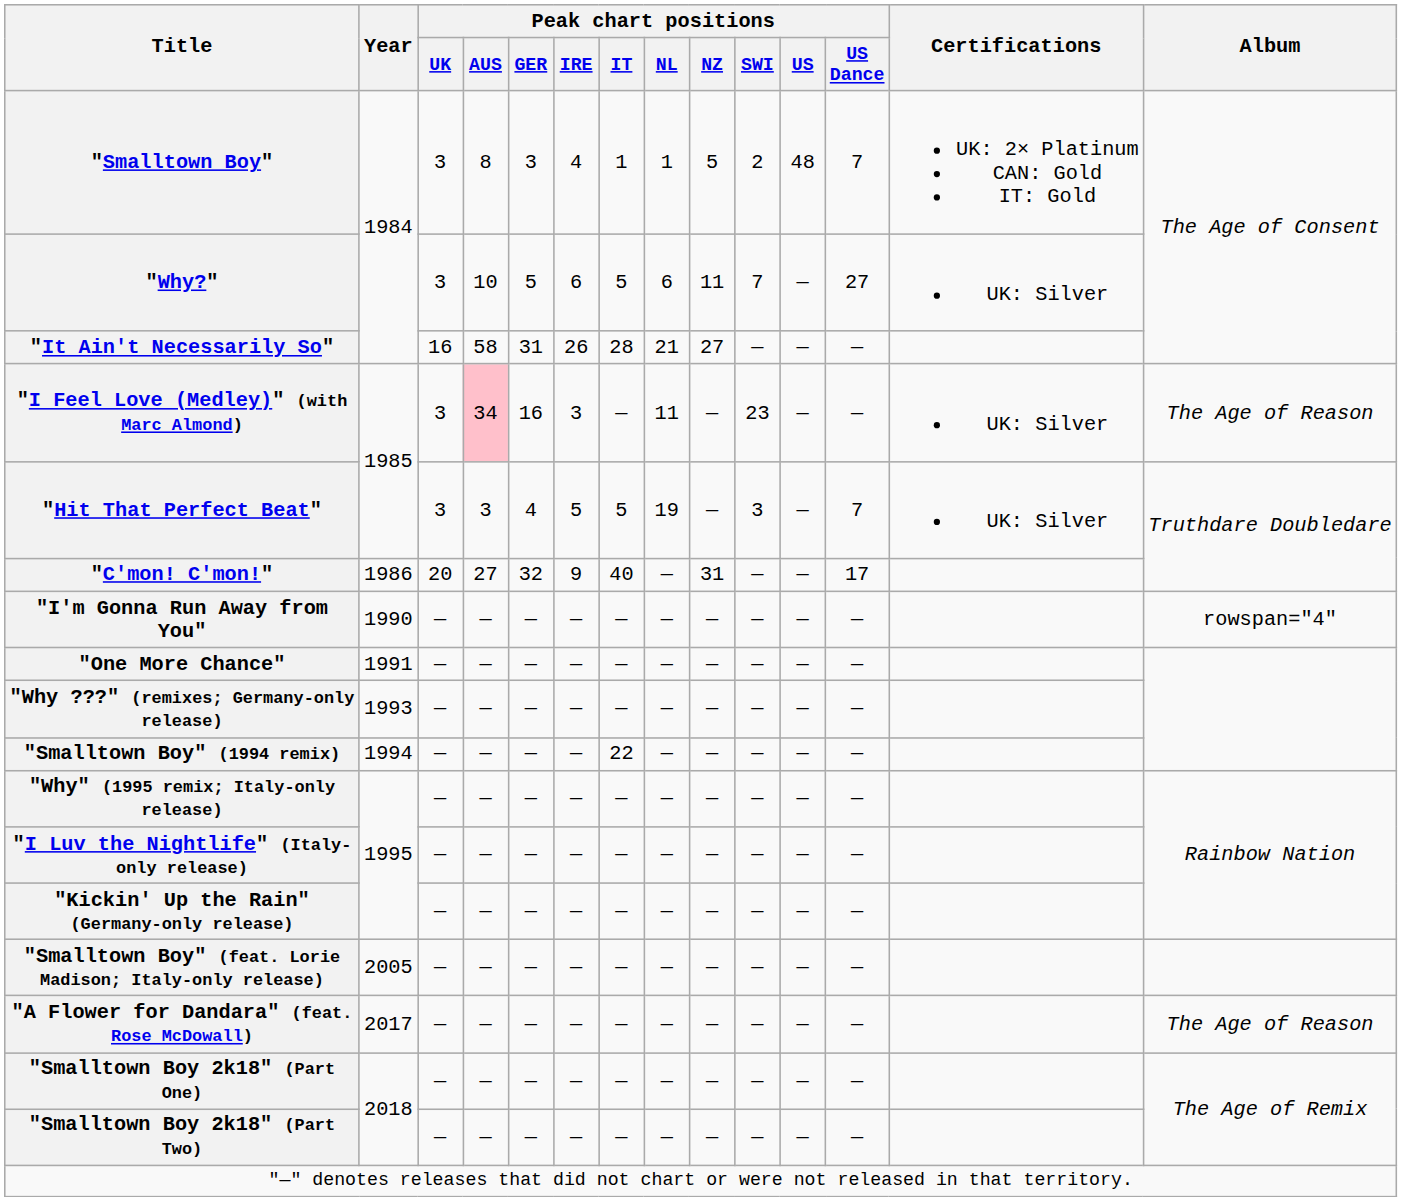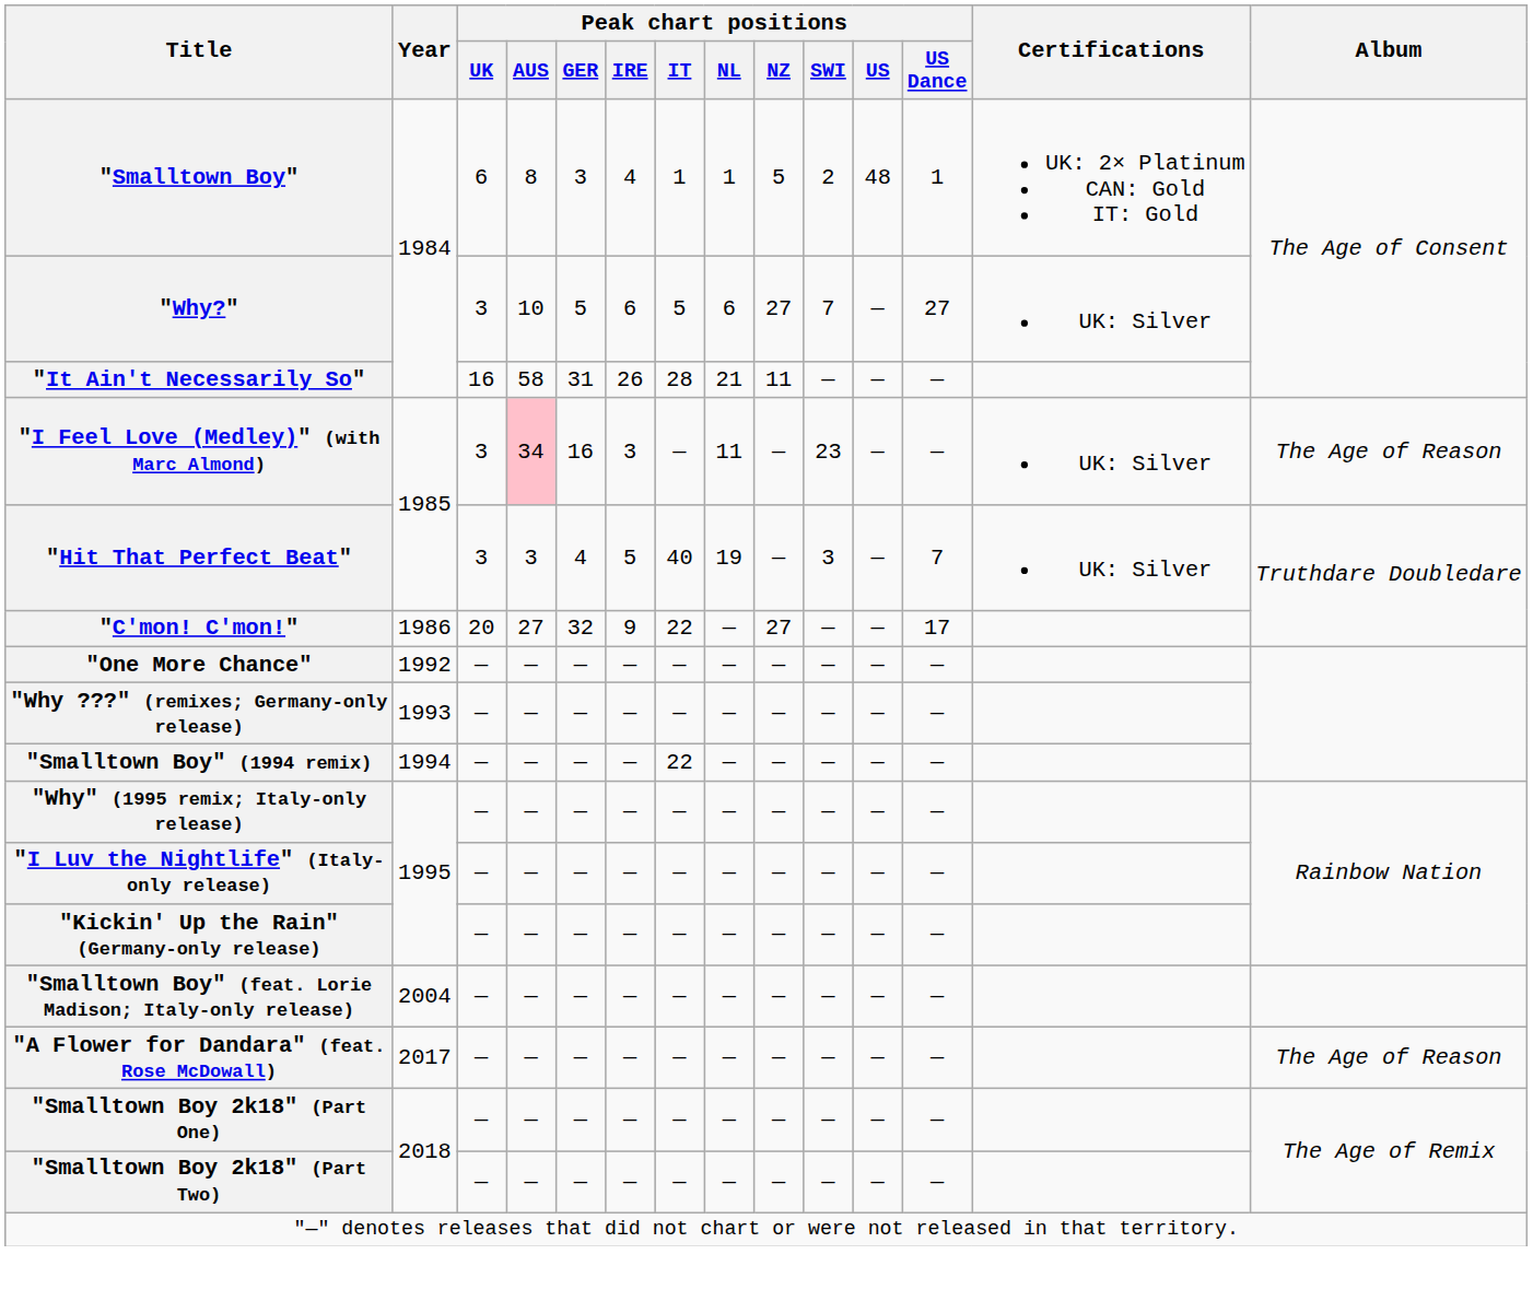 <table class="wikitable plainrowheaders" style="text-align:center;">
 <tr>
 <th rowspan="2" scope="col" style="width:17em;">Title</th>
 <th rowspan="2" scope="col" style="width:2em;">Year</th>
 <th colspan="10">Peak chart positions</th>
 <th rowspan="2">Certifications</th>
 <th rowspan="2">Album</th>
 </tr>
 <tr>
 <th scope="col" style="width:2em;font-size:90%;"><a href='#'>UK</a><br></th>
 <th scope="col" style="width:2em;font-size:90%;"><a href='#'>AUS</a><br></th>
 <th scope="col" style="width:2em;font-size:90%;"><a href='#'>GER</a><br></th>
 <th scope="col" style="width:2em;font-size:90%;"><a href='#'>IRE</a><br></th>
 <th scope="col" style="width:2em;font-size:90%;"><a href='#'>IT</a><br></th>
 <th scope="col" style="width:2em;font-size:90%;"><a href='#'>NL</a><br></th>
 <th scope="col" style="width:2em;font-size:90%;"><a href='#'>NZ</a><br></th>
 <th scope="col" style="width:2em;font-size:90%;"><a href='#'>SWI</a><br></th>
 <th scope="col" style="width:2em;font-size:90%;"><a href='#'>US</a><br></th>
 <th scope="col" style="width:2em;font-size:90%;"><a href='#'>US Dance</a><br></th>
 </tr>
 <tr>
 <th scope="row">"<a href='#'>Smalltown Boy</a>"</th>
 <td rowspan="3">1984</td>
-<td>3</td>
+<td>6</td>
 <td>8</td>
 <td>3</td>
 <td>4</td>
 <td>1</td>
 <td>1</td>
 <td>5</td>
 <td>2</td>
 <td>48</td>
-<td>7</td>
+<td>1</td>
 <td><br><ul><li>UK: 2× Platinum</li><li>CAN: Gold</li><li>IT: Gold</li></ul></td>
 <td rowspan="3"><em>The Age of Consent</em></td>
 </tr>
 <tr>
 <th scope="row">"<a href='#'>Why?</a>"</th>
 <td>3</td>
 <td>10</td>
 <td>5</td>
 <td>6</td>
 <td>5</td>
 <td>6</td>
-<td>11</td>
+<td>27</td>
 <td>7</td>
 <td>—</td>
 <td>27</td>
 <td><br><ul><li>UK: Silver</li></ul></td>
 </tr>
 <tr>
 <th scope="row">"<a href='#'>It Ain't Necessarily So</a>"</th>
 <td>16</td>
 <td>58</td>
 <td>31</td>
 <td>26</td>
 <td>28</td>
 <td>21</td>
-<td>27</td>
+<td>11</td>
 <td>—</td>
 <td>—</td>
 <td>—</td>
 <td></td>
 </tr>
 <tr>
 <th scope="row">"<a href='#'>I Feel Love (Medley)</a>" <small>(with <a href='#'>Marc Almond</a>)</small></th>
 <td rowspan="2">1985</td>
 <td>3</td>
 <td style="background: pink;">34</td>
 <td>16</td>
 <td>3</td>
 <td>—</td>
 <td>11</td>
 <td>—</td>
 <td>23</td>
 <td>—</td>
 <td>—</td>
 <td><br><ul><li>UK: Silver</li></ul></td>
 <td><em>The Age of Reason</em></td>
 </tr>
 <tr>
 <th scope="row">"<a href='#'>Hit That Perfect Beat</a>"</th>
 <td>3</td>
 <td>3</td>
 <td>4</td>
 <td>5</td>
-<td>5</td>
+<td>40</td>
 <td>19</td>
 <td>—</td>
 <td>3</td>
 <td>—</td>
 <td>7</td>
 <td><br><ul><li>UK: Silver</li></ul></td>
 <td rowspan="2"><em>Truthdare Doubledare</em></td>
 </tr>
 <tr>
 <th scope="row">"<a href='#'>C'mon! C'mon!</a>"</th>
 <td>1986</td>
 <td>20</td>
 <td>27</td>
 <td>32</td>
 <td>9</td>
-<td>40</td>
+<td>22</td>
 <td>—</td>
-<td>31</td>
+<td>27</td>
 <td>—</td>
 <td>—</td>
 <td>17</td>
 <td></td>
 </tr>
 <tr>
-<th scope="row">"I'm Gonna Run Away from You"</th>
-<td>1990</td>
-<td>—</td>
-<td>—</td>
-<td>—</td>
-<td>—</td>
-<td>—</td>
-<td>—</td>
-<td>—</td>
-<td>—</td>
-<td>—</td>
-<td>—</td>
-<td></td>
-<td>rowspan="4" </td>
-</tr>
-<tr>
 <th scope="row">"One More Chance"</th>
-<td>1991</td>
+<td>1992</td>
 <td>—</td>
 <td>—</td>
 <td>—</td>
 <td>—</td>
 <td>—</td>
 <td>—</td>
 <td>—</td>
 <td>—</td>
 <td>—</td>
 <td>—</td>
 <td></td>
 </tr>
 <tr>
 <th scope="row">"Why ???" <small>(remixes; Germany-only release)</small></th>
 <td>1993</td>
 <td>—</td>
 <td>—</td>
 <td>—</td>
 <td>—</td>
 <td>—</td>
 <td>—</td>
 <td>—</td>
 <td>—</td>
 <td>—</td>
 <td>—</td>
 <td></td>
 </tr>
 <tr>
 <th scope="row">"Smalltown Boy" <small>(1994 remix)</small></th>
 <td>1994</td>
 <td>—</td>
 <td>—</td>
 <td>—</td>
 <td>—</td>
 <td>22</td>
 <td>—</td>
 <td>—</td>
 <td>—</td>
 <td>—</td>
 <td>—</td>
 <td></td>
 </tr>
 <tr>
 <th scope="row">"Why" <small>(1995 remix; Italy-only release)</small></th>
 <td rowspan="3">1995</td>
 <td>—</td>
 <td>—</td>
 <td>—</td>
 <td>—</td>
 <td>—</td>
 <td>—</td>
 <td>—</td>
 <td>—</td>
 <td>—</td>
 <td>—</td>
 <td></td>
 <td rowspan="3"><em>Rainbow Nation</em></td>
 </tr>
 <tr>
 <th scope="row">"<a href='#'>I Luv the Nightlife</a>" <small>(Italy-only release)</small></th>
 <td>—</td>
 <td>—</td>
 <td>—</td>
 <td>—</td>
 <td>—</td>
 <td>—</td>
 <td>—</td>
 <td>—</td>
 <td>—</td>
 <td>—</td>
 <td></td>
 </tr>
 <tr>
 <th scope="row">"Kickin' Up the Rain" <small>(Germany-only release)</small></th>
 <td>—</td>
 <td>—</td>
 <td>—</td>
 <td>—</td>
 <td>—</td>
 <td>—</td>
 <td>—</td>
 <td>—</td>
 <td>—</td>
 <td>—</td>
 <td></td>
 </tr>
 <tr>
 <th scope="row">"Smalltown Boy" <small>(feat. Lorie Madison; Italy-only release)</small></th>
-<td>2005</td>
+<td>2004</td>
 <td>—</td>
 <td>—</td>
 <td>—</td>
 <td>—</td>
 <td>—</td>
 <td>—</td>
 <td>—</td>
 <td>—</td>
 <td>—</td>
 <td>—</td>
 <td></td>
 <td></td>
 </tr>
 <tr>
 <th scope="row">"A Flower for Dandara" <small>(feat. <a href='#'>Rose McDowall</a>)</small></th>
 <td>2017</td>
 <td>—</td>
 <td>—</td>
 <td>—</td>
 <td>—</td>
 <td>—</td>
 <td>—</td>
 <td>—</td>
 <td>—</td>
 <td>—</td>
 <td>—</td>
 <td></td>
 <td><em>The Age of Reason</em></td>
 </tr>
 <tr>
 <th scope="row">"Smalltown Boy 2k18" <small>(Part One)</small></th>
 <td rowspan="2">2018</td>
 <td>—</td>
 <td>—</td>
 <td>—</td>
 <td>—</td>
 <td>—</td>
 <td>—</td>
 <td>—</td>
 <td>—</td>
 <td>—</td>
 <td>—</td>
 <td></td>
 <td rowspan="2"><em>The Age of Remix</em></td>
 </tr>
 <tr>
 <th scope="row">"Smalltown Boy 2k18" <small>(Part Two)</small></th>
 <td>—</td>
 <td>—</td>
 <td>—</td>
 <td>—</td>
 <td>—</td>
 <td>—</td>
 <td>—</td>
 <td>—</td>
 <td>—</td>
 <td>—</td>
 <td></td>
 </tr>
 <tr>
 <td colspan="14" style="font-size:90%">"—" denotes releases that did not chart or were not released in that territory.</td>
 </tr>
 </table>
